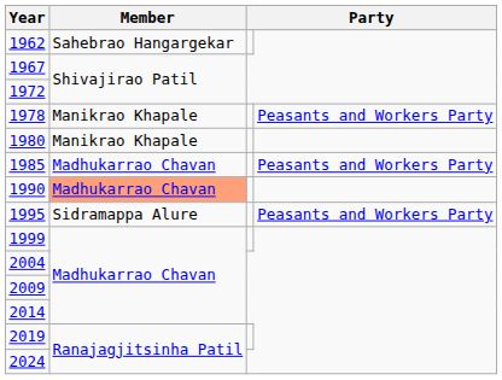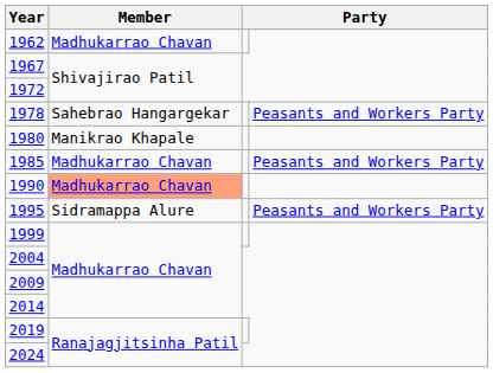 <table class="wikitable">
 <tr>
 <th>Year</th>
 <th>Member</th>
 <th colspan="2">Party</th>
 </tr>
 <tr>
 <td><a href='#'>1962</a></td>
-<td>Sahebrao Hangargekar</td>
+<td><a href='#'>Madhukarrao Chavan</a></td>
 <td></td>
 </tr>
 <tr>
 <td><a href='#'>1967</a></td>
 <td rowspan=2>Shivajirao Patil</td>
 </tr>
 <tr>
 <td><a href='#'>1972</a></td>
 </tr>
 <tr>
 <td><a href='#'>1978</a></td>
-<td>Manikrao Khapale</td>
+<td>Sahebrao Hangargekar</td>
 <td style="background-color: "></td>
 <td><a href='#'>Peasants and Workers Party</a></td>
 </tr>
 <tr>
 <td><a href='#'>1980</a></td>
 <td>Manikrao Khapale</td>
 <td></td>
 </tr>
 <tr>
 <td><a href='#'>1985</a></td>
 <td><a href='#'>Madhukarrao Chavan</a></td>
 <td style="background-color: "></td>
 <td><a href='#'>Peasants and Workers Party</a></td>
 </tr>
 <tr>
 <td><a href='#'>1990</a></td>
 <td style="background: lightsalmon;"><a href='#'>Madhukarrao Chavan</a></td>
 <td></td>
 </tr>
 <tr>
 <td><a href='#'>1995</a></td>
 <td>Sidramappa Alure</td>
 <td style="background-color: "></td>
 <td><a href='#'>Peasants and Workers Party</a></td>
 </tr>
 <tr>
 <td><a href='#'>1999</a></td>
 <td rowspan=4><a href='#'>Madhukarrao Chavan</a></td>
 <td></td>
 </tr>
 <tr>
 <td><a href='#'>2004</a></td>
 </tr>
 <tr>
 <td><a href='#'>2009</a></td>
 </tr>
 <tr>
 <td><a href='#'>2014</a></td>
 </tr>
 <tr>
 <td><a href='#'>2019</a></td>
 <td Rowspan=2><a href='#'>Ranajagjitsinha Patil</a></td>
 <td></td>
 </tr>
 <tr>
 <td><a href='#'>2024</a></td>
 </tr>
 </table>
